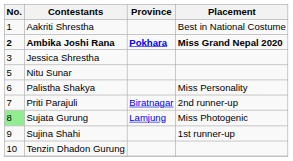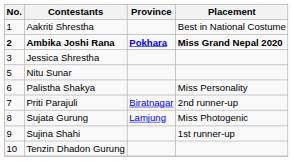 <table class="wikitable sortable" style="font-size: 95%">
 <tr>
 <th>No.</th>
 <th>Contestants</th>
 <th>Province</th>
 <th>Placement</th>
 </tr>
 <tr>
 <td>1</td>
 <td>Aakriti Shrestha</td>
 <td></td>
 <td>Best in National Costume</td>
 </tr>
 <tr>
 <td><strong>2</strong></td>
 <td><strong>Ambika Joshi Rana</strong></td>
 <td> <strong><a href='#'>Pokhara</a></strong></td>
 <td><strong>Miss Grand Nepal 2020</strong></td>
 </tr>
 <tr>
 <td>3</td>
 <td>Jessica Shrestha</td>
 <td></td>
 <td></td>
 </tr>
 <tr>
 <td>5</td>
 <td>Nitu Sunar</td>
 <td></td>
 <td></td>
 </tr>
 <tr>
 <td>6</td>
 <td>Palistha Shakya</td>
 <td></td>
 <td>Miss Personality</td>
 </tr>
 <tr>
 <td>7</td>
 <td>Priti Parajuli</td>
 <td> <a href='#'>Biratnagar</a></td>
 <td>2nd runner-up</td>
 </tr>
 <tr>
-<td style="background: lightgreen;">8</td>
+<td>8</td>
 <td>Sujata Gurung</td>
 <td> <a href='#'>Lamjung</a></td>
 <td>Miss Photogenic</td>
 </tr>
 <tr>
 <td>9</td>
 <td>Sujina Shahi</td>
 <td></td>
 <td>1st runner-up</td>
 </tr>
 <tr>
 <td>10</td>
 <td>Tenzin Dhadon Gurung</td>
 <td></td>
 <td></td>
 </tr>
 <tr>
 </tr>
 </table>
